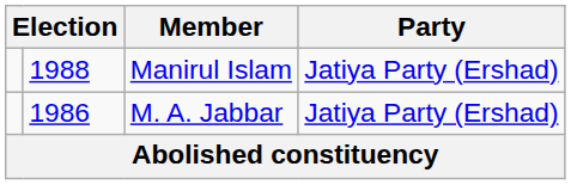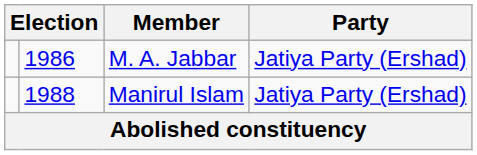 <table class="wikitable">
 <tr>
 <th colspan="2">Election</th>
 <th>Member</th>
 <th>Party</th>
 </tr>
 <tr>
 <td style="background-color:"></td>
-<td><a href='#'>1988</a></td>
-<td><a href='#'>Manirul Islam</a></td>
+<td><a href='#'>1986</a></td>
+<td><a href='#'>M. A. Jabbar</a></td>
 <td><a href='#'>Jatiya Party (Ershad)</a></td>
 </tr>
 <tr>
 <td style="background-color:"></td>
-<td><a href='#'>1986</a></td>
-<td><a href='#'>M. A. Jabbar</a></td>
+<td><a href='#'>1988</a></td>
+<td><a href='#'>Manirul Islam</a></td>
 <td><a href='#'>Jatiya Party (Ershad)</a></td>
 </tr>
 <tr>
 <th colspan="4">Abolished constituency</th>
 </tr>
 </table>
